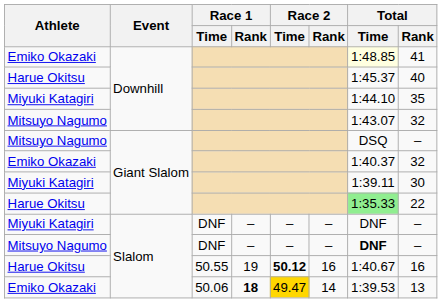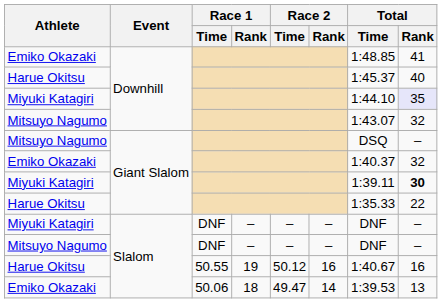 <table class="wikitable" style="font-size:90%">
 <tr>
 <th rowspan="2">Athlete</th>
 <th rowspan="2">Event</th>
 <th colspan="2">Race 1</th>
 <th colspan="2">Race 2</th>
 <th colspan="2">Total</th>
 </tr>
 <tr>
 <th>Time</th>
 <th>Rank</th>
 <th>Time</th>
 <th>Rank</th>
 <th>Time</th>
 <th>Rank</th>
 </tr>
 <tr>
 <td><a href='#'>Emiko Okazaki</a></td>
 <td rowspan="4">Downhill</td>
 <td colspan="4" bgcolor="wheat"></td>
-<td align="center" style="background: lightyellow;">1:48.85</td>
+<td align="center">1:48.85</td>
 <td align="center">41</td>
 </tr>
 <tr>
 <td><a href='#'>Harue Okitsu</a></td>
 <td colspan="4" bgcolor="wheat"></td>
 <td align="center">1:45.37</td>
 <td align="center">40</td>
 </tr>
 <tr>
 <td><a href='#'>Miyuki Katagiri</a></td>
 <td colspan="4" bgcolor="wheat"></td>
 <td align="center">1:44.10</td>
-<td align="center">35</td>
+<td align="center" style="background: lavender;">35</td>
 </tr>
 <tr>
 <td><a href='#'>Mitsuyo Nagumo</a></td>
 <td colspan="4" bgcolor="wheat"></td>
 <td align="center">1:43.07</td>
 <td align="center">32</td>
 </tr>
 <tr>
 <td><a href='#'>Mitsuyo Nagumo</a></td>
 <td rowspan="4">Giant Slalom</td>
 <td colspan="4" bgcolor="wheat"></td>
 <td align="center">DSQ</td>
 <td align="center">–</td>
 </tr>
 <tr>
 <td><a href='#'>Emiko Okazaki</a></td>
 <td colspan="4" bgcolor="wheat"></td>
 <td align="center">1:40.37</td>
 <td align="center">32</td>
 </tr>
 <tr>
 <td><a href='#'>Miyuki Katagiri</a></td>
 <td colspan="4" bgcolor="wheat"></td>
 <td align="center">1:39.11</td>
-<td align="center">30</td>
+<td align="center"><strong>30</strong></td>
 </tr>
 <tr>
 <td><a href='#'>Harue Okitsu</a></td>
 <td colspan="4" bgcolor="wheat"></td>
-<td align="center" style="background: lightgreen;">1:35.33</td>
+<td align="center">1:35.33</td>
 <td align="center">22</td>
 </tr>
 <tr>
 <td><a href='#'>Miyuki Katagiri</a></td>
 <td rowspan="4">Slalom</td>
 <td align="center">DNF</td>
 <td align="center">–</td>
 <td align="center">–</td>
 <td align="center">–</td>
 <td align="center">DNF</td>
 <td align="center">–</td>
 </tr>
 <tr>
 <td><a href='#'>Mitsuyo Nagumo</a></td>
 <td align="center">DNF</td>
 <td align="center">–</td>
 <td align="center">–</td>
 <td align="center">–</td>
-<td align="center"><strong>DNF</strong></td>
+<td align="center">DNF</td>
 <td align="center">–</td>
 </tr>
 <tr>
 <td><a href='#'>Harue Okitsu</a></td>
 <td align="center">50.55</td>
 <td align="center">19</td>
-<td align="center"><strong>50.12</strong></td>
+<td align="center">50.12</td>
 <td align="center">16</td>
 <td align="center">1:40.67</td>
 <td align="center">16</td>
 </tr>
 <tr>
 <td><a href='#'>Emiko Okazaki</a></td>
 <td align="center">50.06</td>
-<td align="center"><strong>18</strong></td>
-<td align="center" style="background: gold;">49.47</td>
+<td align="center">18</td>
+<td align="center">49.47</td>
 <td align="center">14</td>
 <td align="center">1:39.53</td>
 <td align="center">13</td>
 </tr>
 </table>
